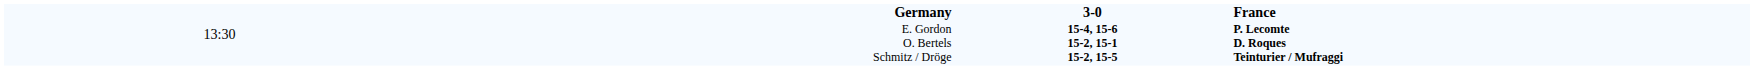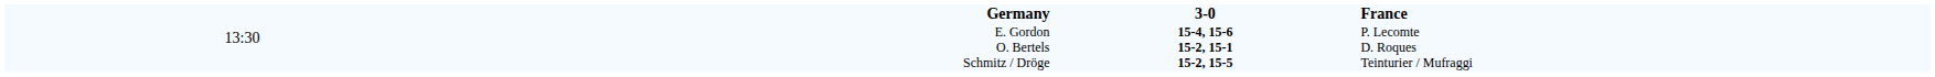 <table style="width: 100%; background:#F5FAFF;" cellspacing="0">
 <tr>
 <td align=center rowspan=3 width=20%>13:30</td>
 </tr>
 <tr>
 <td width=24% align=right><strong>Germany</strong></td>
 <td align=center width=13%><strong>3-0</strong></td>
 <td width=24%><strong>France</strong></td>
 </tr>
 <tr style=font-size:85%>
 <td align=right valign=top>E. Gordon<br>O. Bertels<br>Schmitz / Dröge</td>
 <td align=center><strong>15-4, 15-6<br>15-2, 15-1<br>15-2, 15-5</strong></td>
-<td valign=top><strong>P. Lecomte<br>D. Roques<br>Teinturier / Mufraggi</strong></td>
+<td valign=top>P. Lecomte<br>D. Roques<br>Teinturier / Mufraggi</td>
 </tr>
 </table>
